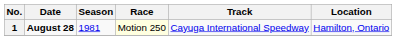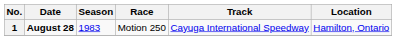 <table class="wikitable sortable">
 <tr>
 <th scope="col">No.</th>
 <th scope="col">Date</th>
 <th scope="col">Season</th>
 <th scope="col">Race</th>
 <th scope="col">Track</th>
 <th scope="col">Location</th>
 </tr>
 <tr>
 <th scope="row">1</th>
 <td><strong>August 28</strong></td>
-<td><a href='#'>1981</a></td>
-<td style="background: lightyellow;">Motion 250</td>
+<td><a href='#'>1983</a></td>
+<td>Motion 250</td>
 <td><a href='#'>Cayuga International Speedway</a></td>
 <td><a href='#'>Hamilton, Ontario</a></td>
 </tr>
 <tr>
 </tr>
 </table>
